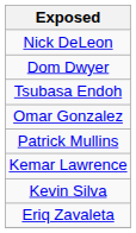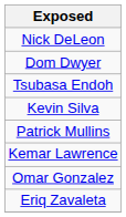 <table class="wikitable" style="text-align:center">
 <tr>
 <th>Exposed</th>
 </tr>
 <tr>
 <td><a href='#'>Nick DeLeon</a></td>
 </tr>
 <tr>
 <td><a href='#'>Dom Dwyer</a></td>
 </tr>
 <tr>
 <td><a href='#'>Tsubasa Endoh</a></td>
 </tr>
 <tr>
-<td><a href='#'>Omar Gonzalez</a></td>
+<td><a href='#'>Kevin Silva</a></td>
 </tr>
 <tr>
 <td><a href='#'>Patrick Mullins</a></td>
 </tr>
 <tr>
 <td><a href='#'>Kemar Lawrence</a></td>
 </tr>
 <tr>
-<td><a href='#'>Kevin Silva</a></td>
+<td><a href='#'>Omar Gonzalez</a></td>
 </tr>
 <tr>
 <td><a href='#'>Eriq Zavaleta</a></td>
 </tr>
 <tr>
 </tr>
 </table>
